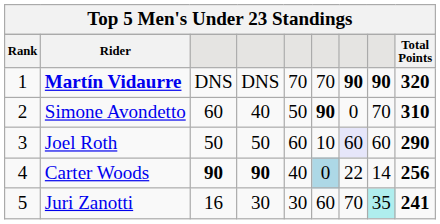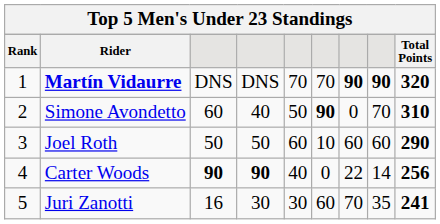 <table class="wikitable sortable">
 <tr>
 <th colspan=27 align="center"><strong>Top 5 Men's Under 23 Standings</strong></th>
 </tr>
 <tr>
 </tr>
 <tr style="font-size:8pt;font-weight:bold">
 <th align="center">Rank</th>
 <th align="center">Rider</th>
 <th class=unsortable style="background:#E5E4E2;"><small></small></th>
 <th class=unsortable style="background:#E5E4E2;"><small></small></th>
 <th class=unsortable style="background:#E5E4E2;"><small></small></th>
 <th class=unsortable style="background:#E5E4E2;"><small></small></th>
 <th class=unsortable style="background:#E5E4E2;"><small></small></th>
 <th class=unsortable style="background:#E5E4E2;"><small></small></th>
 <th align="center">Total<br>Points</th>
 </tr>
 <tr>
 <td align=center>1</td>
 <td> <strong><a href='#'>Martín Vidaurre</a></strong></td>
 <td align=center>DNS</td>
 <td align=center>DNS</td>
 <td align=center>70</td>
 <td align=center>70</td>
 <td align=center><strong>90</strong></td>
 <td align=center><strong>90</strong></td>
 <td align=center><strong>320</strong></td>
 </tr>
 <tr>
 <td align=center>2</td>
 <td> <a href='#'>Simone Avondetto</a></td>
 <td align=center>60</td>
 <td align=center>40</td>
 <td align=center>50</td>
 <td align=center><strong>90</strong></td>
 <td align=center>0</td>
 <td align=center>70</td>
 <td align=center><strong>310</strong></td>
 </tr>
 <tr>
 <td align=center>3</td>
 <td> <a href='#'>Joel Roth</a></td>
 <td align=center>50</td>
 <td align=center>50</td>
 <td align=center>60</td>
 <td align=center>10</td>
-<td align=center style="background: lavender;">60</td>
+<td align=center>60</td>
 <td align=center>60</td>
 <td align=center><strong>290</strong></td>
 </tr>
 <tr>
 <td align=center>4</td>
 <td> <a href='#'>Carter Woods</a></td>
 <td align=center><strong>90</strong></td>
 <td align=center><strong>90</strong></td>
 <td align=center>40</td>
-<td align=center style="background: lightblue;">0</td>
+<td align=center>0</td>
 <td align=center>22</td>
 <td align=center>14</td>
 <td align=center><strong>256</strong></td>
 </tr>
 <tr>
 <td align=center>5</td>
 <td> <a href='#'>Juri Zanotti</a></td>
 <td align=center>16</td>
 <td align=center>30</td>
 <td align=center>30</td>
 <td align=center>60</td>
 <td align=center>70</td>
-<td align=center style="background: paleturquoise;">35</td>
+<td align=center>35</td>
 <td align=center><strong>241</strong><br></td>
 </tr>
 </table>
